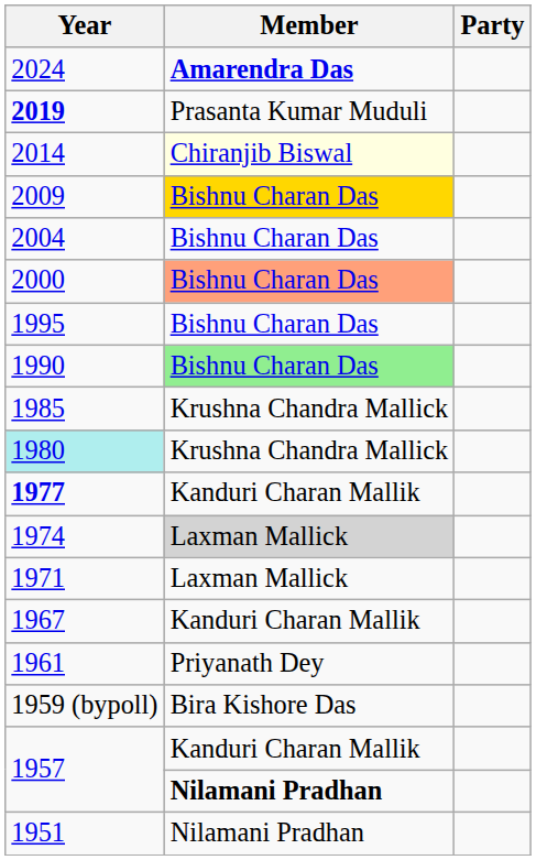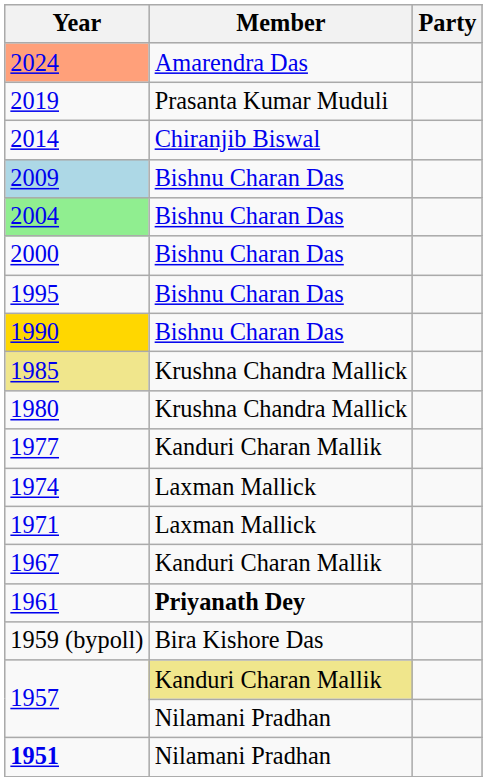 <table class="wikitable sortable">
 <tr>
 <th>Year</th>
 <th>Member</th>
 <th colspan=2>Party</th>
 </tr>
 <tr>
-<td><a href='#'>2024</a></td>
-<td><strong><a href='#'>Amarendra Das</a></strong></td>
+<td style="background: lightsalmon;"><a href='#'>2024</a></td>
+<td><a href='#'>Amarendra Das</a></td>
 <td></td>
 </tr>
 <tr>
-<td><strong><a href='#'>2019</a></strong></td>
+<td><a href='#'>2019</a></td>
 <td>Prasanta Kumar Muduli</td>
 <td></td>
 </tr>
 <tr>
 <td><a href='#'>2014</a></td>
-<td style="background: lightyellow;"><a href='#'>Chiranjib Biswal</a></td>
+<td><a href='#'>Chiranjib Biswal</a></td>
 <td></td>
 </tr>
 <tr>
-<td><a href='#'>2009</a></td>
-<td style="background: gold;"><a href='#'>Bishnu Charan Das</a></td>
+<td style="background: lightblue;"><a href='#'>2009</a></td>
+<td><a href='#'>Bishnu Charan Das</a></td>
 <td></td>
 </tr>
 <tr>
-<td><a href='#'>2004</a></td>
+<td style="background: lightgreen;"><a href='#'>2004</a></td>
 <td><a href='#'>Bishnu Charan Das</a></td>
 <td></td>
 </tr>
 <tr>
 <td><a href='#'>2000</a></td>
-<td style="background: lightsalmon;"><a href='#'>Bishnu Charan Das</a></td>
+<td><a href='#'>Bishnu Charan Das</a></td>
 <td></td>
 </tr>
 <tr>
 <td><a href='#'>1995</a></td>
 <td><a href='#'>Bishnu Charan Das</a></td>
 <td></td>
 </tr>
 <tr>
-<td><a href='#'>1990</a></td>
-<td style="background: lightgreen;"><a href='#'>Bishnu Charan Das</a></td>
+<td style="background: gold;"><a href='#'>1990</a></td>
+<td><a href='#'>Bishnu Charan Das</a></td>
 <td></td>
 </tr>
 <tr>
-<td><a href='#'>1985</a></td>
+<td style="background: khaki;"><a href='#'>1985</a></td>
 <td>Krushna Chandra Mallick</td>
 <td></td>
 </tr>
 <tr>
-<td style="background: paleturquoise;"><a href='#'>1980</a></td>
+<td><a href='#'>1980</a></td>
 <td>Krushna Chandra Mallick</td>
 <td></td>
 </tr>
 <tr>
-<td><strong><a href='#'>1977</a></strong></td>
+<td><a href='#'>1977</a></td>
 <td>Kanduri Charan Mallik</td>
 <td></td>
 </tr>
 <tr>
 <td><a href='#'>1974</a></td>
-<td style="background: lightgrey;">Laxman Mallick</td>
+<td>Laxman Mallick</td>
 <td></td>
 </tr>
 <tr>
 <td><a href='#'>1971</a></td>
 <td>Laxman Mallick</td>
 <td></td>
 </tr>
 <tr>
 <td><a href='#'>1967</a></td>
 <td>Kanduri Charan Mallik</td>
 <td></td>
 </tr>
 <tr>
 <td><a href='#'>1961</a></td>
-<td>Priyanath Dey</td>
+<td><strong>Priyanath Dey</strong></td>
 <td></td>
 </tr>
 <tr>
 <td>1959 (bypoll)</td>
 <td>Bira Kishore Das</td>
 <td></td>
 </tr>
 <tr>
 <td rowspan="2"><a href='#'>1957</a></td>
-<td>Kanduri Charan Mallik</td>
+<td style="background: khaki;">Kanduri Charan Mallik</td>
 <td></td>
 </tr>
 <tr>
-<td><strong>Nilamani Pradhan</strong></td>
+<td>Nilamani Pradhan</td>
 <td></td>
 </tr>
 <tr>
-<td><a href='#'>1951</a></td>
+<td><strong><a href='#'>1951</a></strong></td>
 <td>Nilamani Pradhan</td>
 <td></td>
 </tr>
 <tr>
 </tr>
 </table>
